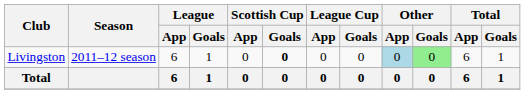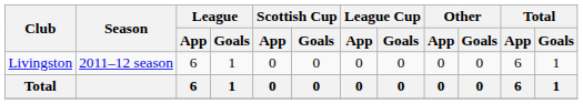 <table class="wikitable">
 <tr>
 <th rowspan=2>Club</th>
 <th rowspan=2>Season</th>
 <th colspan=2>League</th>
 <th colspan=2>Scottish Cup</th>
 <th colspan=2>League Cup</th>
 <th colspan=2>Other</th>
 <th colspan=2>Total</th>
 </tr>
 <tr>
 <th>App</th>
 <th>Goals</th>
 <th>App</th>
 <th>Goals</th>
 <th>App</th>
 <th>Goals</th>
 <th>App</th>
 <th>Goals</th>
 <th>App</th>
 <th>Goals</th>
 </tr>
 <tr align=center>
 <td rowspan=1><a href='#'>Livingston</a></td>
 <td><a href='#'>2011–12 season</a></td>
 <td>6</td>
 <td>1</td>
 <td>0</td>
-<td><strong>0</strong></td>
 <td>0</td>
 <td>0</td>
-<td style="background: lightblue;">0</td>
-<td style="background: lightgreen;">0</td>
+<td>0</td>
+<td>0</td>
+<td>0</td>
 <td>6</td>
 <td>1</td>
 </tr>
 <tr align=center>
 <th>Total</th>
 <th></th>
 <th>6</th>
 <th>1</th>
 <th>0</th>
 <th>0</th>
 <th>0</th>
 <th>0</th>
 <th>0</th>
 <th>0</th>
 <th>6</th>
 <th>1</th>
 </tr>
 <tr>
 </tr>
 </table>
